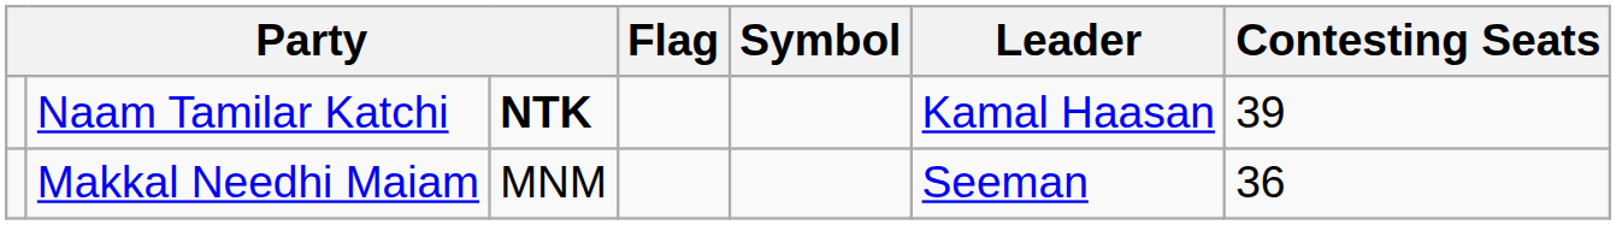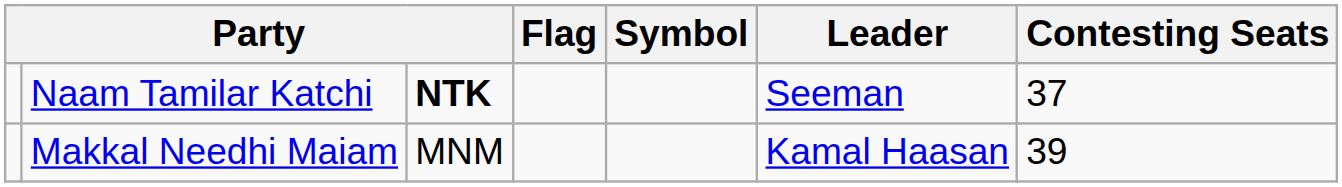 <table class="wikitable">
 <tr>
 <th colspan="3">Party</th>
 <th>Flag</th>
 <th>Symbol</th>
 <th>Leader</th>
 <th>Contesting Seats</th>
 </tr>
 <tr>
 <td></td>
 <td><a href='#'>Naam Tamilar Katchi</a></td>
 <td><strong>NTK</strong></td>
 <td></td>
 <td></td>
-<td><a href='#'>Kamal Haasan</a></td>
-<td>39</td>
+<td><a href='#'>Seeman</a></td>
+<td>37</td>
 </tr>
 <tr>
 <td></td>
 <td><a href='#'>Makkal Needhi Maiam</a></td>
 <td>MNM</td>
 <td></td>
 <td></td>
-<td><a href='#'>Seeman</a></td>
-<td>36</td>
+<td><a href='#'>Kamal Haasan</a></td>
+<td>39</td>
 </tr>
 </table>
